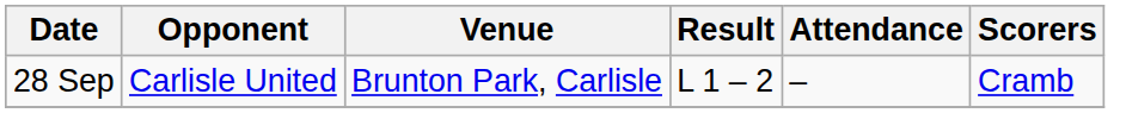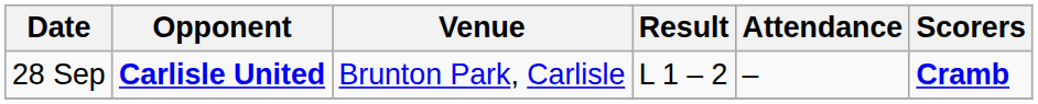 <table class="wikitable">
 <tr>
 <th>Date</th>
 <th>Opponent</th>
 <th>Venue</th>
 <th>Result</th>
 <th>Attendance</th>
 <th>Scorers</th>
 </tr>
 <tr>
 <td>28 Sep</td>
-<td><a href='#'>Carlisle United</a><br></td>
+<td><strong><a href='#'>Carlisle United</a><br></strong></td>
 <td><a href='#'>Brunton Park</a>, <a href='#'>Carlisle</a></td>
 <td>L 1 – 2</td>
 <td>–</td>
-<td><a href='#'>Cramb</a></td>
+<td><strong><a href='#'>Cramb</a></strong></td>
 </tr>
 <tr>
 </tr>
 </table>
